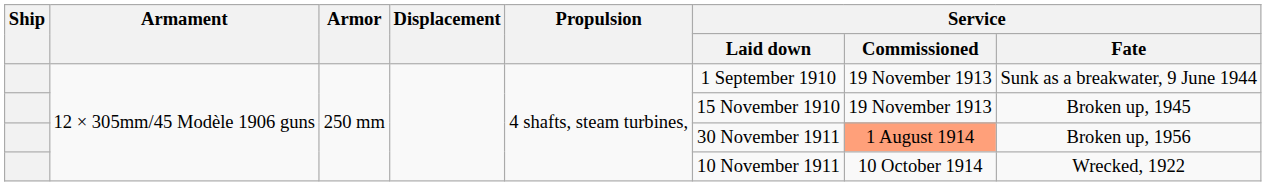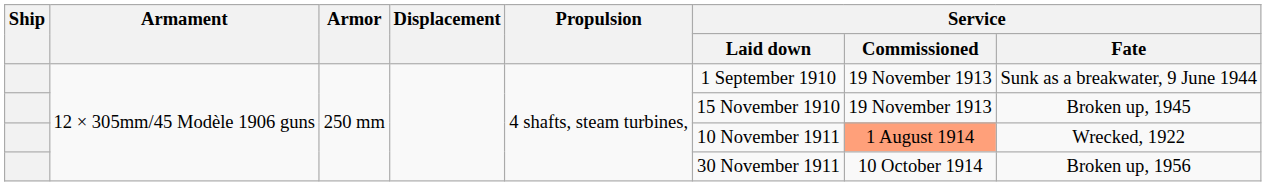 <table class="wikitable plainrowheaders" style="text-align: center;">
 <tr valign="top">
 <th scope="col" rowspan="2">Ship</th>
 <th scope="col" rowspan="2">Armament</th>
 <th scope="col" rowspan="2">Armor</th>
 <th scope="col" rowspan="2">Displacement</th>
 <th scope="col" rowspan="2">Propulsion</th>
 <th scope="col" colspan="3">Service</th>
 </tr>
 <tr valign="top">
 <th scope="col">Laid down</th>
 <th scope="col">Commissioned</th>
 <th scope="col">Fate</th>
 </tr>
 <tr valign="center">
 <th scope="row"></th>
 <td rowspan="4">12 × 305mm/45 Modèle 1906 guns</td>
 <td rowspan="4">250 mm</td>
 <td rowspan="4"></td>
 <td rowspan="4">4 shafts, steam turbines, </td>
 <td>1 September 1910</td>
 <td>19 November 1913</td>
 <td>Sunk as a breakwater, 9 June 1944</td>
 </tr>
 <tr valign="center">
 <th scope="row"></th>
 <td>15 November 1910</td>
 <td>19 November 1913</td>
 <td>Broken up, 1945</td>
 </tr>
 <tr valign="center">
 <th scope="row"></th>
-<td>30 November 1911</td>
+<td>10 November 1911</td>
 <td style="background: lightsalmon;">1 August 1914</td>
-<td>Broken up, 1956</td>
+<td>Wrecked, 1922</td>
 </tr>
 <tr valign="center">
 <th scope="row"></th>
-<td>10 November 1911</td>
+<td>30 November 1911</td>
 <td>10 October 1914</td>
-<td>Wrecked, 1922</td>
+<td>Broken up, 1956</td>
 </tr>
 </table>
